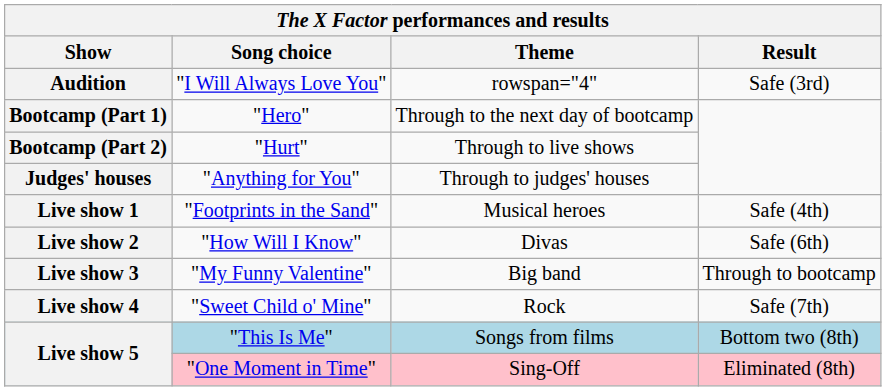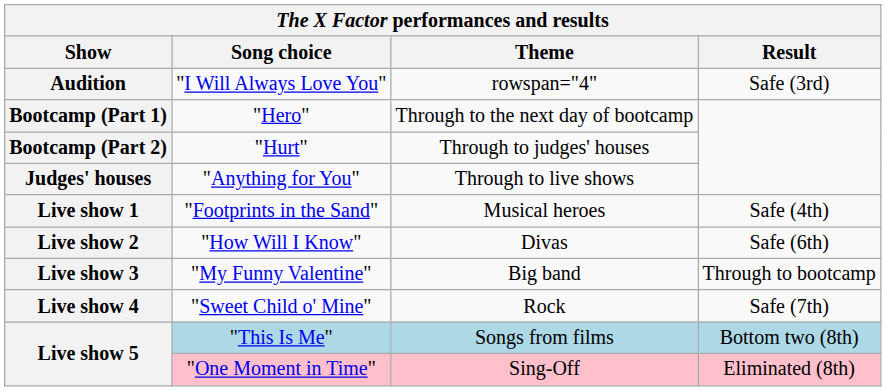 <table class="wikitable collapsible collapsed" style="text-align:center;">
 <tr>
 <th colspan="4"><em>The X Factor</em> performances and results</th>
 </tr>
 <tr>
 <th style="text-align:centre;">Show</th>
 <th style="text-align:centre;">Song choice</th>
 <th style="text-align:centre;">Theme</th>
 <th style="text-align:centre;">Result</th>
 </tr>
 <tr>
 <th>Audition</th>
 <td>"<a href='#'>I Will Always Love You</a>"</td>
 <td>rowspan="4" </td>
 <td>Safe (3rd)</td>
 </tr>
 <tr>
 <th>Bootcamp (Part 1)</th>
 <td>"<a href='#'>Hero</a>"</td>
 <td>Through to the next day of bootcamp</td>
 </tr>
 <tr>
 <th>Bootcamp (Part 2)</th>
 <td>"<a href='#'>Hurt</a>"</td>
-<td>Through to live shows</td>
+<td>Through to judges' houses</td>
 </tr>
 <tr>
 <th>Judges' houses</th>
 <td>"<a href='#'>Anything for You</a>"</td>
-<td>Through to judges' houses</td>
+<td>Through to live shows</td>
 </tr>
 <tr>
 <th>Live show 1</th>
 <td>"<a href='#'>Footprints in the Sand</a>"</td>
 <td>Musical heroes</td>
 <td>Safe (4th)</td>
 </tr>
 <tr>
 <th>Live show 2</th>
 <td>"<a href='#'>How Will I Know</a>"</td>
 <td>Divas</td>
 <td>Safe (6th)</td>
 </tr>
 <tr>
 <th>Live show 3</th>
 <td>"<a href='#'>My Funny Valentine</a>"</td>
 <td>Big band</td>
 <td>Through to bootcamp</td>
 </tr>
 <tr>
 <th>Live show 4</th>
 <td>"<a href='#'>Sweet Child o' Mine</a>"</td>
 <td>Rock</td>
 <td>Safe (7th)</td>
 </tr>
 <tr style="background:lightblue;">
 <th rowspan="2">Live show 5</th>
 <td>"<a href='#'>This Is Me</a>"</td>
 <td>Songs from films</td>
 <td>Bottom two (8th)</td>
 </tr>
 <tr style="background:pink;">
 <td>"<a href='#'>One Moment in Time</a>"</td>
 <td>Sing-Off</td>
 <td>Eliminated (8th)</td>
 </tr>
 </table>
